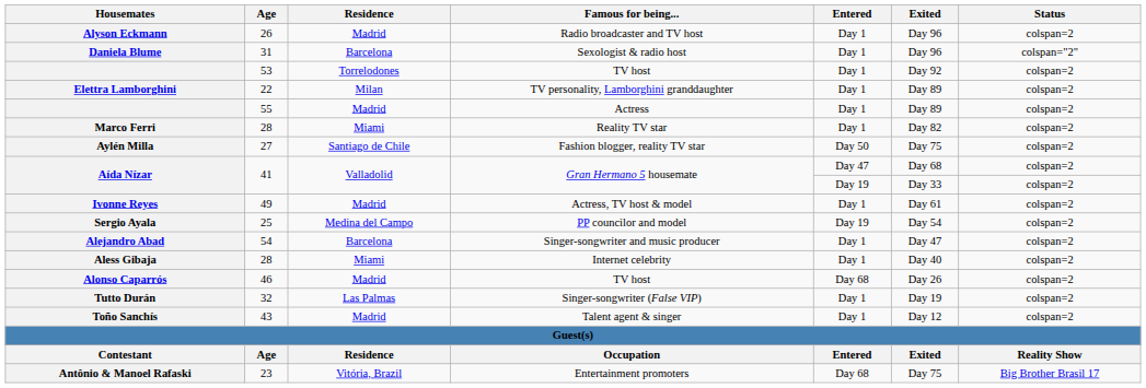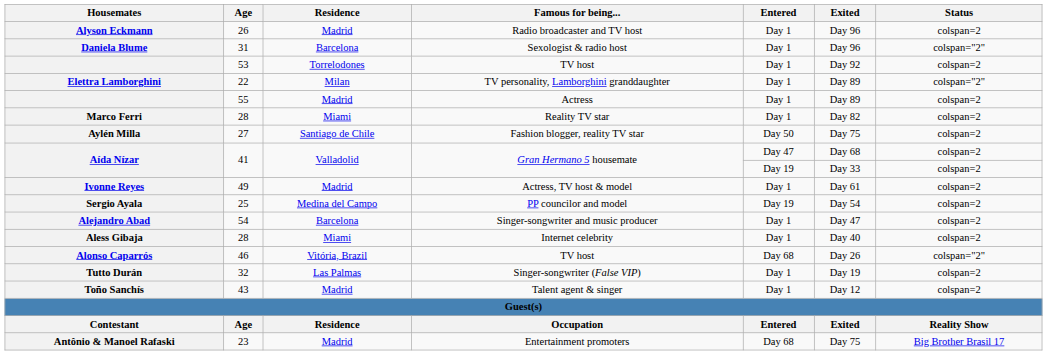 <table class="wikitable" style="margin:auto; text-align:center; width:95%; font-size:95%">
 <tr>
 <th>Housemates</th>
 <th>Age</th>
 <th>Residence</th>
 <th>Famous for being...</th>
 <th>Entered</th>
 <th>Exited</th>
 <th colspan=2>Status</th>
 </tr>
 <tr>
 <th><strong><a href='#'>Alyson Eckmann</a></strong></th>
 <td>26</td>
 <td><a href='#'>Madrid</a></td>
 <td>Radio broadcaster and TV host</td>
 <td>Day 1</td>
 <td>Day 96</td>
 <td>colspan=2 </td>
 </tr>
 <tr>
 <th><a href='#'>Daniela Blume</a></th>
 <td>31</td>
 <td><a href='#'>Barcelona</a></td>
 <td>Sexologist & radio host</td>
 <td>Day 1</td>
 <td>Day 96</td>
 <td>colspan="2" </td>
 </tr>
 <tr>
 <th></th>
 <td>53</td>
 <td><a href='#'>Torrelodones</a></td>
 <td>TV host</td>
 <td>Day 1</td>
 <td>Day 92</td>
 <td>colspan=2 </td>
 </tr>
 <tr>
 <th><a href='#'>Elettra Lamborghini</a></th>
 <td>22</td>
 <td><a href='#'>Milan</a></td>
 <td>TV personality, <a href='#'>Lamborghini</a> granddaughter</td>
 <td>Day 1</td>
 <td>Day 89</td>
-<td>colspan=2 </td>
+<td>colspan="2" </td>
 </tr>
 <tr>
 <th></th>
 <td>55</td>
 <td><a href='#'>Madrid</a></td>
 <td>Actress</td>
 <td>Day 1</td>
 <td>Day 89</td>
 <td>colspan=2 </td>
 </tr>
 <tr>
 <th>Marco Ferri</th>
 <td>28</td>
 <td><a href='#'>Miami</a></td>
 <td>Reality TV star</td>
 <td>Day 1</td>
 <td>Day 82</td>
 <td>colspan=2 </td>
 </tr>
 <tr>
 <th>Aylén Milla</th>
 <td>27</td>
 <td><a href='#'>Santiago de Chile</a></td>
 <td>Fashion blogger, reality TV star</td>
 <td>Day 50</td>
 <td>Day 75</td>
 <td>colspan=2 </td>
 </tr>
 <tr>
 <th rowspan=2><a href='#'>Aída Nízar</a></th>
 <td rowspan=2>41</td>
 <td rowspan=2><a href='#'>Valladolid</a></td>
 <td rowspan=2><em><a href='#'>Gran Hermano 5</a></em> housemate</td>
 <td>Day 47</td>
 <td>Day 68</td>
 <td>colspan=2 </td>
 </tr>
 <tr>
 <td>Day 19</td>
 <td>Day 33</td>
 <td>colspan=2 </td>
 </tr>
 <tr>
 <th><a href='#'>Ivonne Reyes</a></th>
 <td>49</td>
 <td><a href='#'>Madrid</a></td>
 <td>Actress, TV host & model</td>
 <td>Day 1</td>
 <td>Day 61</td>
 <td>colspan=2 </td>
 </tr>
 <tr>
 <th>Sergio Ayala</th>
 <td>25</td>
 <td><a href='#'>Medina del Campo</a></td>
 <td><a href='#'>PP</a> councilor and model</td>
 <td>Day 19</td>
 <td>Day 54</td>
 <td>colspan=2 </td>
 </tr>
 <tr>
 <th><a href='#'>Alejandro Abad</a></th>
 <td>54</td>
 <td><a href='#'>Barcelona</a></td>
 <td>Singer-songwriter and music producer</td>
 <td>Day 1</td>
 <td>Day 47</td>
 <td>colspan=2 </td>
 </tr>
 <tr>
 <th>Aless Gibaja</th>
 <td>28</td>
 <td><a href='#'>Miami</a></td>
 <td>Internet celebrity</td>
 <td>Day 1</td>
 <td>Day 40</td>
 <td>colspan=2 </td>
 </tr>
 <tr>
 <th><a href='#'>Alonso Caparrós</a></th>
 <td>46</td>
-<td><a href='#'>Madrid</a></td>
+<td><a href='#'>Vitória, Brazil</a></td>
 <td>TV host</td>
 <td>Day 68</td>
 <td>Day 26</td>
-<td>colspan=2 </td>
+<td>colspan="2" </td>
 </tr>
 <tr>
 <th>Tutto Durán</th>
 <td>32</td>
 <td><a href='#'>Las Palmas</a></td>
 <td>Singer-songwriter (<em>False VIP</em>)</td>
 <td>Day 1</td>
 <td>Day 19</td>
 <td>colspan=2 </td>
 </tr>
 <tr>
 <th>Toño Sanchís</th>
 <td>43</td>
 <td><a href='#'>Madrid</a></td>
 <td>Talent agent & singer</td>
 <td>Day 1</td>
 <td>Day 12</td>
 <td>colspan=2 </td>
 </tr>
 <tr>
 <td colspan="8" style="text-align:center" bgcolor="#4682B4"><span><strong>Guest(s)</strong></span></td>
 </tr>
 <tr>
 <th>Contestant</th>
 <th>Age</th>
 <th>Residence</th>
 <th>Occupation</th>
 <th>Entered</th>
 <th>Exited</th>
 <th colspan="2">Reality Show</th>
 </tr>
 <tr>
 <th>Antônio & Manoel Rafaski</th>
 <td>23</td>
-<td><a href='#'>Vitória, Brazil</a></td>
+<td><a href='#'>Madrid</a></td>
 <td>Entertainment promoters</td>
 <td>Day 68</td>
 <td>Day 75</td>
 <td colspan="2"><a href='#'>Big Brother Brasil 17</a></td>
 </tr>
 </table>
